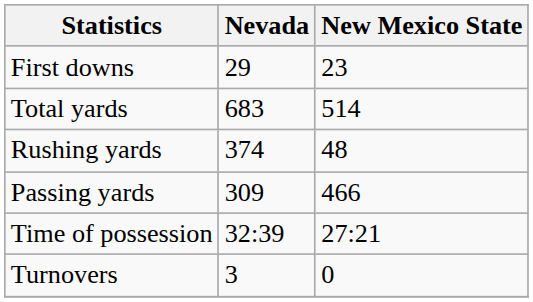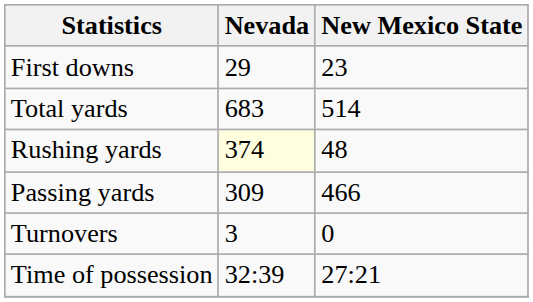 <table class="wikitable">
 <tr>
 <th>Statistics</th>
 <th>Nevada</th>
 <th>New Mexico State</th>
 </tr>
 <tr>
 <td>First downs</td>
 <td>29</td>
 <td>23</td>
 </tr>
 <tr>
 <td>Total yards</td>
 <td>683</td>
 <td>514</td>
 </tr>
 <tr>
 <td>Rushing yards</td>
-<td>374</td>
+<td style="background: lightyellow;">374</td>
 <td>48</td>
 </tr>
 <tr>
 <td>Passing yards</td>
 <td>309</td>
 <td>466</td>
 </tr>
 <tr>
+<td>Turnovers</td>
+<td>3</td>
+<td>0</td>
+</tr>
+<tr>
 <td>Time of possession</td>
 <td>32:39</td>
 <td>27:21</td>
 </tr>
 <tr>
-<td>Turnovers</td>
-<td>3</td>
-<td>0</td>
-</tr>
-<tr>
 </tr>
 </table>
